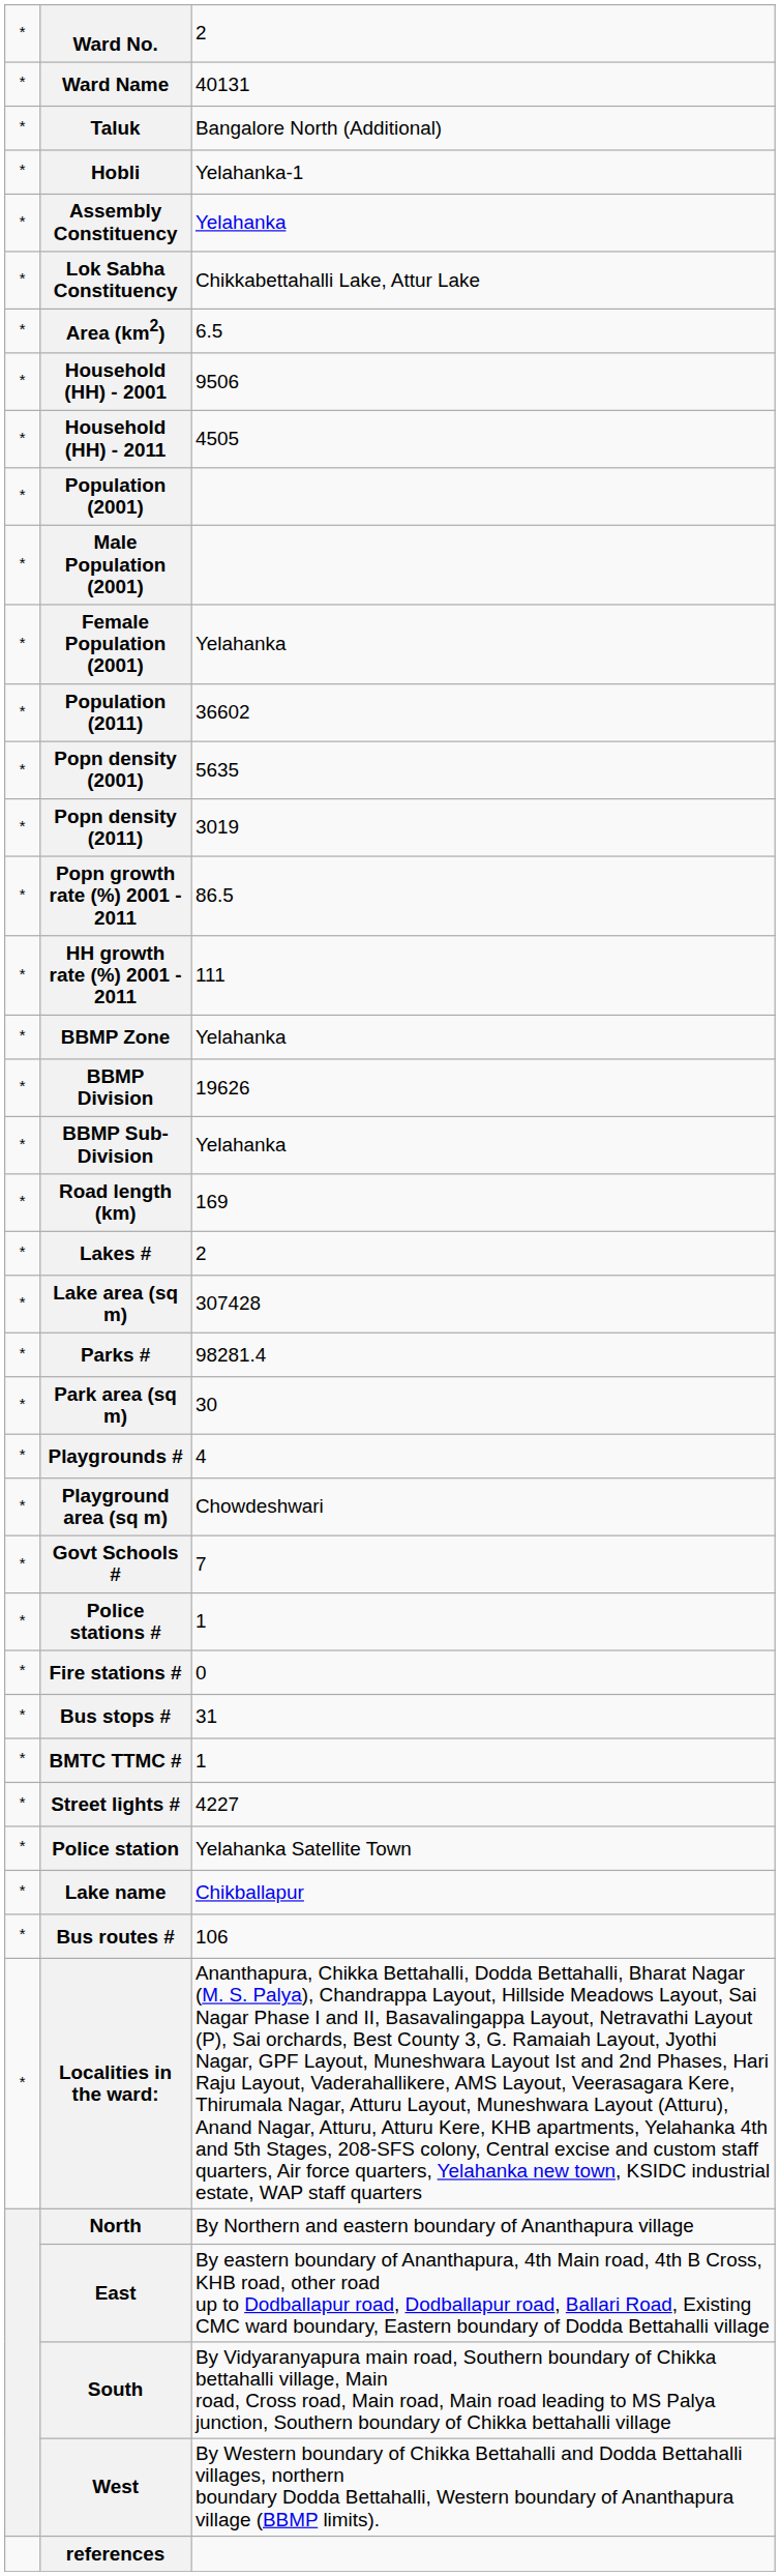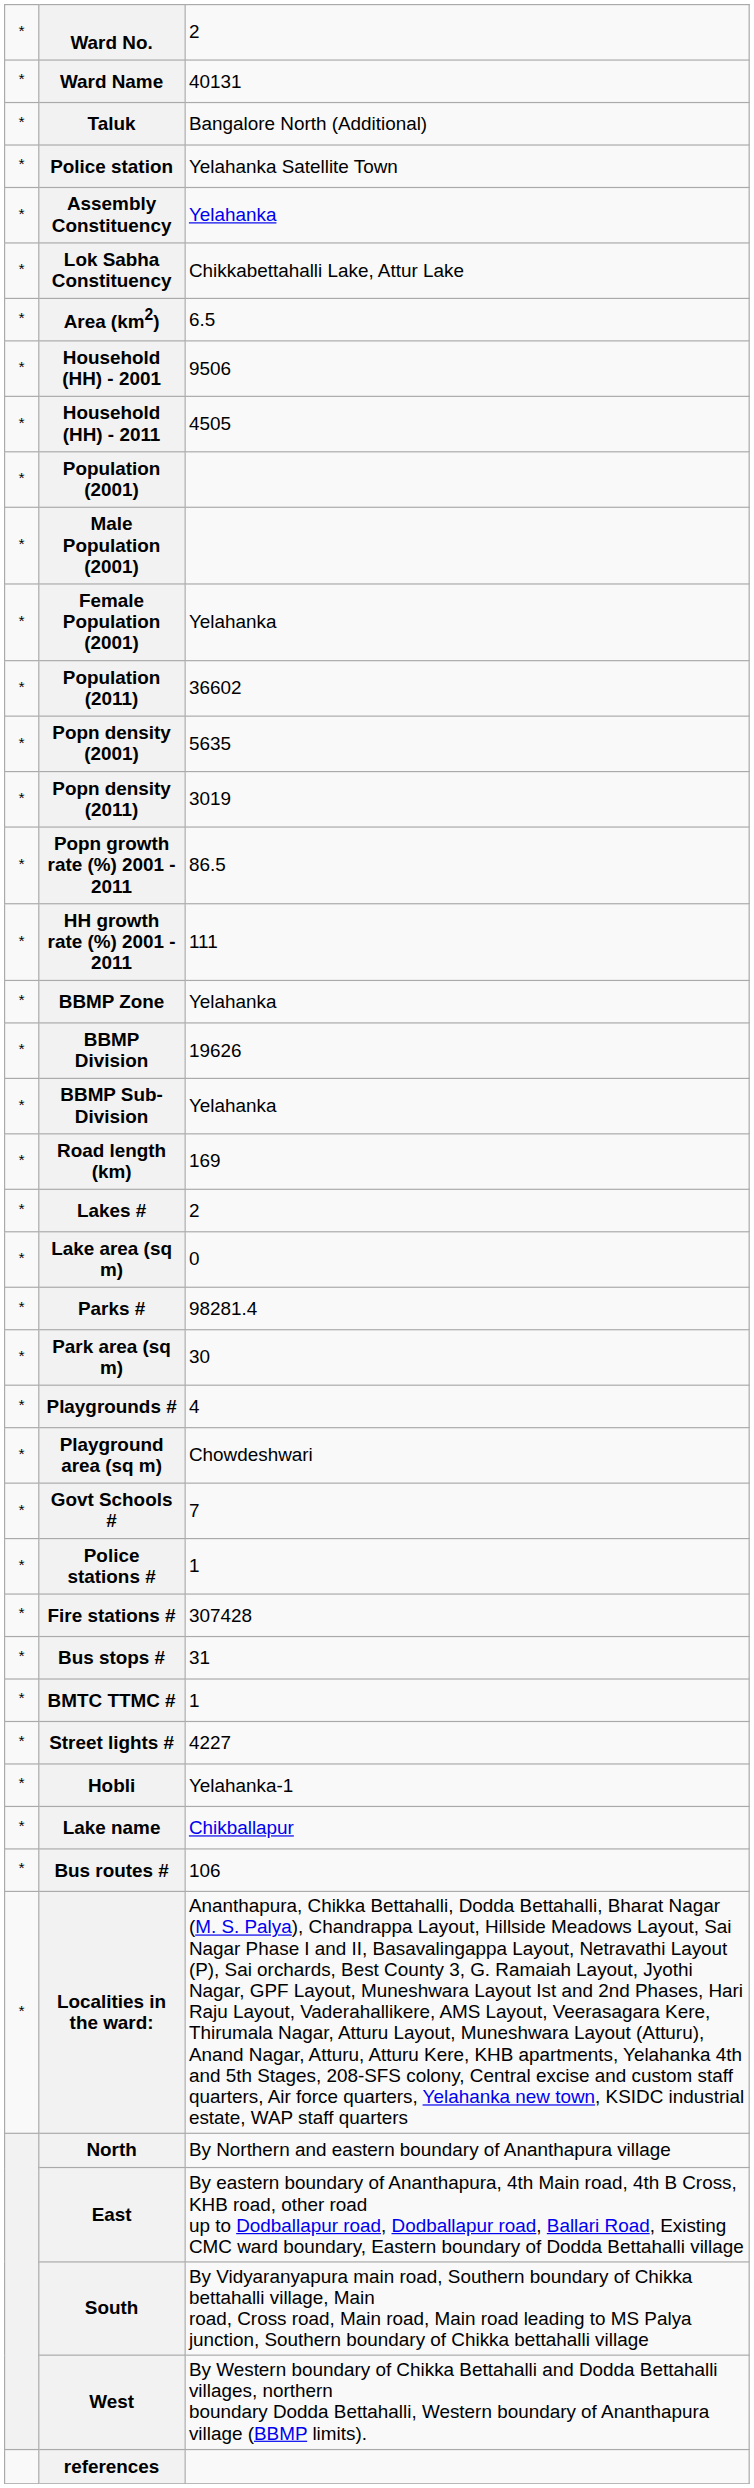 <table class="wikitable" style="width:50%">
 <tr>
 <td style="padding: 10px; font-family: monospace; font-size: 100%;">*</td>
 <th style="padding: 5px;"><br>Ward No.</th>
 <td>2</td>
 </tr>
 <tr>
 <td style="padding: 10px; font-family: monospace; font-size: 100%;">*</td>
 <th style="padding: 5px;">Ward Name</th>
 <td>40131</td>
 </tr>
 <tr>
 <td style="padding: 10px; font-family: monospace; font-size: 100%;">*</td>
 <th style="padding: 5px;">Taluk</th>
 <td>Bangalore  North (Additional)</td>
 </tr>
 <tr>
 <td style="padding: 10px; font-family: monospace; font-size: 100%;">*</td>
-<th style="padding: 5px;">Hobli</th>
-<td>Yelahanka-1</td>
+<th style="padding: 5px;">Police station</th>
+<td>Yelahanka Satellite Town</td>
 </tr>
 <tr>
 <td style="padding: 10px; font-family: monospace; font-size: 100%;">*</td>
 <th style="padding: 5px;">Assembly Constituency</th>
 <td><a href='#'>Yelahanka</a></td>
 </tr>
 <tr>
 <td style="padding: 10px; font-family: monospace; font-size: 100%;">*</td>
 <th style="padding: 5px;">Lok Sabha Constituency</th>
 <td>Chikkabettahalli Lake, Attur Lake</td>
 </tr>
 <tr>
 <td style="padding: 10px; font-family: monospace; font-size: 100%;">*</td>
 <th style="padding: 5px;">Area (km<sup>2</sup>)</th>
 <td>6.5</td>
 </tr>
 <tr>
 <td style="padding: 10px; font-family: monospace; font-size: 100%;">*</td>
 <th style="padding: 5px;">Household (HH) - 2001</th>
 <td>9506</td>
 </tr>
 <tr>
 <td style="padding: 10px; font-family: monospace; font-size: 100%;">*</td>
 <th style="padding: 5px;">Household (HH) - 2011</th>
 <td>4505</td>
 </tr>
 <tr>
 <td style="padding: 10px; font-family: monospace; font-size: 100%;">*</td>
 <th style="padding: 5px;">Population (2001)</th>
 <td></td>
 </tr>
 <tr>
 <td style="padding: 10px; font-family: monospace; font-size: 100%;">*</td>
 <th style="padding: 5px;">Male Population (2001)</th>
 <td></td>
 </tr>
 <tr>
 <td style="padding: 10px; font-family: monospace; font-size: 100%;">*</td>
 <th style="padding: 5px;">Female Population (2001)</th>
 <td>Yelahanka</td>
 </tr>
 <tr>
 <td style="padding: 10px; font-family: monospace; font-size: 100%;">*</td>
 <th style="padding: 5px;">Population (2011)</th>
 <td>36602</td>
 </tr>
 <tr>
 <td style="padding: 10px; font-family: monospace; font-size: 100%;">*</td>
 <th style="padding: 5px;">Popn density (2001)</th>
 <td>5635</td>
 </tr>
 <tr>
 <td style="padding: 10px; font-family: monospace; font-size: 100%;">*</td>
 <th style="padding: 5px;">Popn density (2011)</th>
 <td>3019</td>
 </tr>
 <tr>
 <td style="padding: 10px; font-family: monospace; font-size: 100%;">*</td>
 <th style="padding: 5px;">Popn growth rate (%) 2001 - 2011</th>
 <td>86.5</td>
 </tr>
 <tr>
 <td style="padding: 10px; font-family: monospace; font-size: 100%;">*</td>
 <th style="padding: 5px;">HH growth rate (%) 2001 - 2011</th>
 <td>111</td>
 </tr>
 <tr>
 <td style="padding: 10px; font-family: monospace; font-size: 100%;">*</td>
 <th style="padding: 5px;">BBMP Zone</th>
 <td>Yelahanka</td>
 </tr>
 <tr>
 <td style="padding: 10px; font-family: monospace; font-size: 100%;">*</td>
 <th style="padding: 5px;">BBMP Division</th>
 <td>19626</td>
 </tr>
 <tr>
 <td style="padding: 10px; font-family: monospace; font-size: 100%;">*</td>
 <th style="padding: 5px;">BBMP Sub-Division</th>
 <td>Yelahanka</td>
 </tr>
 <tr>
 <td style="padding: 10px; font-family: monospace; font-size: 100%;">*</td>
 <th style="padding: 5px;">Road length (km)</th>
 <td>169</td>
 </tr>
 <tr>
 <td style="padding: 10px; font-family: monospace; font-size: 100%;">*</td>
 <th style="padding: 5px;">Lakes #</th>
 <td>2</td>
 </tr>
 <tr>
 <td style="padding: 10px; font-family: monospace; font-size: 100%;">*</td>
 <th style="padding: 5px;">Lake area (sq m)</th>
-<td>307428</td>
+<td>0</td>
 </tr>
 <tr>
 <td style="padding: 10px; font-family: monospace; font-size: 100%;">*</td>
 <th style="padding: 5px;">Parks #</th>
 <td>98281.4</td>
 </tr>
 <tr>
 <td style="padding: 10px; font-family: monospace; font-size: 100%;">*</td>
 <th style="padding: 5px;">Park area (sq m)</th>
 <td>30</td>
 </tr>
 <tr>
 <td style="padding: 10px; font-family: monospace; font-size: 100%;">*</td>
 <th style="padding: 5px;">Playgrounds #</th>
 <td>4</td>
 </tr>
 <tr>
 <td style="padding: 10px; font-family: monospace; font-size: 100%;">*</td>
 <th style="padding: 5px;">Playground area (sq m)</th>
 <td>Chowdeshwari</td>
 </tr>
 <tr>
 <td style="padding: 10px; font-family: monospace; font-size: 100%;">*</td>
 <th style="padding: 5px;">Govt Schools #</th>
 <td>7</td>
 </tr>
 <tr>
 <td style="padding: 10px; font-family: monospace; font-size: 100%;">*</td>
 <th style="padding: 5px;">Police stations #</th>
 <td>1</td>
 </tr>
 <tr>
 <td style="padding: 10px; font-family: monospace; font-size: 100%;">*</td>
 <th style="padding: 5px;">Fire stations #</th>
-<td>0</td>
+<td>307428</td>
 </tr>
 <tr>
 <td style="padding: 10px; font-family: monospace; font-size: 100%;">*</td>
 <th style="padding: 5px;">Bus stops #</th>
 <td>31</td>
 </tr>
 <tr>
 <td style="padding: 10px; font-family: monospace; font-size: 100%;">*</td>
 <th style="padding: 5px;">BMTC TTMC #</th>
 <td>1</td>
 </tr>
 <tr>
 <td style="padding: 10px; font-family: monospace; font-size: 100%;">*</td>
 <th style="padding: 5px;">Street lights #</th>
 <td>4227</td>
 </tr>
 <tr>
 <td style="padding: 10px; font-family: monospace; font-size: 100%;">*</td>
-<th style="padding: 5px;">Police station</th>
-<td>Yelahanka Satellite Town</td>
+<th style="padding: 5px;">Hobli</th>
+<td>Yelahanka-1</td>
 </tr>
 <tr>
 <td style="padding: 10px; font-family: monospace; font-size: 100%;">*</td>
 <th style="padding: 5px;">Lake name</th>
 <td><a href='#'>Chikballapur</a></td>
 </tr>
 <tr>
 <td style="padding: 10px; font-family: monospace; font-size: 100%;">*</td>
 <th style="padding: 5px;">Bus routes #</th>
 <td>106</td>
 </tr>
 <tr>
 <td style="padding: 10px; font-family: monospace; font-size: 100%;">*</td>
 <th style="padding: 5px;">Localities in the ward:</th>
 <td>Ananthapura, Chikka Bettahalli, Dodda Bettahalli, Bharat Nagar (<a href='#'>M. S. Palya</a>), Chandrappa Layout, Hillside Meadows Layout, Sai Nagar Phase I and II, Basavalingappa Layout, Netravathi Layout (P), Sai orchards, Best County 3, G. Ramaiah Layout, Jyothi Nagar, GPF Layout, Muneshwara Layout Ist and 2nd Phases, Hari Raju Layout, Vaderahallikere, AMS Layout, Veerasagara Kere, Thirumala Nagar, Atturu Layout, Muneshwara Layout (Atturu), Anand Nagar, Atturu, Atturu Kere, KHB apartments, Yelahanka 4th and 5th Stages, 208-SFS colony, Central excise and custom staff quarters, Air force quarters, <a href='#'>Yelahanka new town</a>, KSIDC industrial estate, WAP staff quarters</td>
 </tr>
 <tr>
 <th rowspan="4" style="padding: 2px; font-family: monospace; font-size: 120%;"></th>
 <th style="padding: 5px;">North</th>
 <td>By Northern and eastern boundary of Ananthapura village</td>
 </tr>
 <tr>
 <th style="padding: 5px;">East</th>
 <td>By eastern boundary of Ananthapura, 4th Main road, 4th B Cross, KHB road, other road<br>up to <a href='#'>Dodballapur road</a>, <a href='#'>Dodballapur road</a>, <a href='#'>Ballari Road</a>, Existing CMC ward boundary, Eastern boundary of Dodda Bettahalli village</td>
 </tr>
 <tr>
 <th style="padding: 5px;">South</th>
 <td>By Vidyaranyapura main road, Southern boundary of Chikka bettahalli village, Main<br>road, Cross road, Main road, Main road leading to MS Palya junction, Southern boundary of Chikka bettahalli village</td>
 </tr>
 <tr>
 <th style="padding: 5px;">West</th>
 <td>By Western boundary of Chikka Bettahalli and Dodda Bettahalli villages, northern<br>boundary Dodda Bettahalli, Western boundary of Ananthapura village (<a href='#'>BBMP</a> limits).</td>
 </tr>
 <tr>
 <td style="padding: 10px; font-family: monospace; font-size: 100%;"></td>
 <th style="padding: 5px;">references</th>
 <td></td>
 </tr>
 </table>
